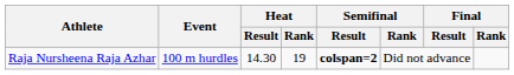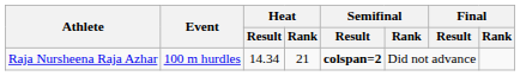 <table class="wikitable" style="font-size:90%">
 <tr>
 <th rowspan="2">Athlete</th>
 <th rowspan="2">Event</th>
 <th colspan="2">Heat</th>
 <th colspan="2">Semifinal</th>
 <th colspan="2">Final</th>
 </tr>
 <tr style="font-size:95%">
 <th>Result</th>
 <th>Rank</th>
 <th>Result</th>
 <th>Rank</th>
 <th>Result</th>
 <th>Rank</th>
 </tr>
 <tr align=center>
 <td align=left><a href='#'>Raja Nursheena Raja Azhar</a></td>
 <td align=left><a href='#'>100 m hurdles</a></td>
-<td>14.30</td>
-<td>19</td>
+<td>14.34</td>
+<td>21</td>
 <td><strong>colspan=2 </strong></td>
 <td colspan=2>Did not advance</td>
 </tr>
 </table>
